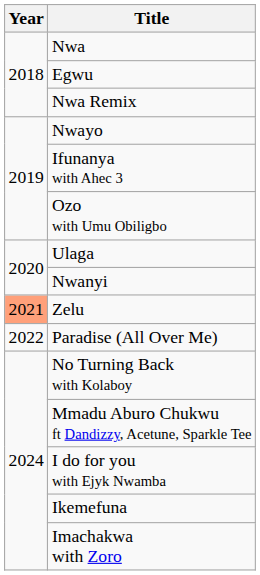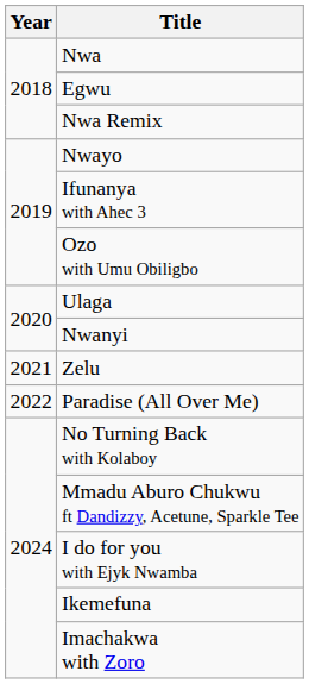 <table class="wikitable">
 <tr>
 <th>Year</th>
 <th>Title</th>
 </tr>
 <tr>
 <td rowspan="3">2018</td>
 <td>Nwa</td>
 </tr>
 <tr>
 <td>Egwu</td>
 </tr>
 <tr>
 <td>Nwa Remix</td>
 </tr>
 <tr>
 <td rowspan="3">2019</td>
 <td>Nwayo</td>
 </tr>
 <tr>
 <td>Ifunanya<br><small>with Ahec 3</small></td>
 </tr>
 <tr>
 <td>Ozo<br><small>with Umu Obiligbo</small></td>
 </tr>
 <tr>
 <td rowspan="2">2020</td>
 <td>Ulaga</td>
 </tr>
 <tr>
 <td>Nwanyi</td>
 </tr>
 <tr>
-<td style="background: lightsalmon;">2021</td>
+<td>2021</td>
 <td>Zelu</td>
 </tr>
 <tr>
 <td>2022</td>
 <td>Paradise (All Over Me)</td>
 </tr>
 <tr>
 <td rowspan="5">2024</td>
 <td>No Turning Back<br><small>with Kolaboy</small></td>
 </tr>
 <tr>
 <td>Mmadu Aburo Chukwu<br><small>ft <a href='#'>Dandizzy</a>, Acetune, Sparkle Tee</small></td>
 </tr>
 <tr>
 <td>I do for you<br><small>with Ejyk Nwamba</small></td>
 </tr>
 <tr>
 <td>Ikemefuna</td>
 </tr>
 <tr>
 <td>Imachakwa<br>with <a href='#'>Zoro</a></td>
 </tr>
 </table>
